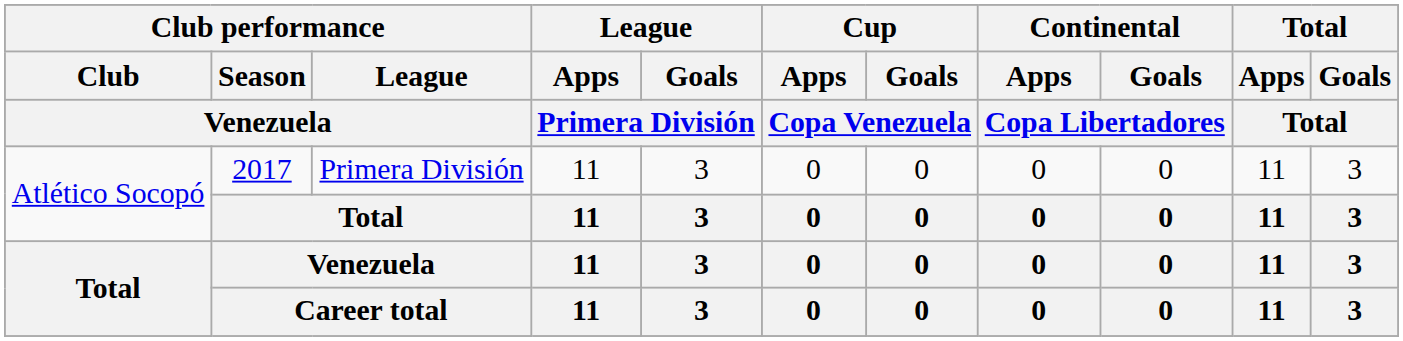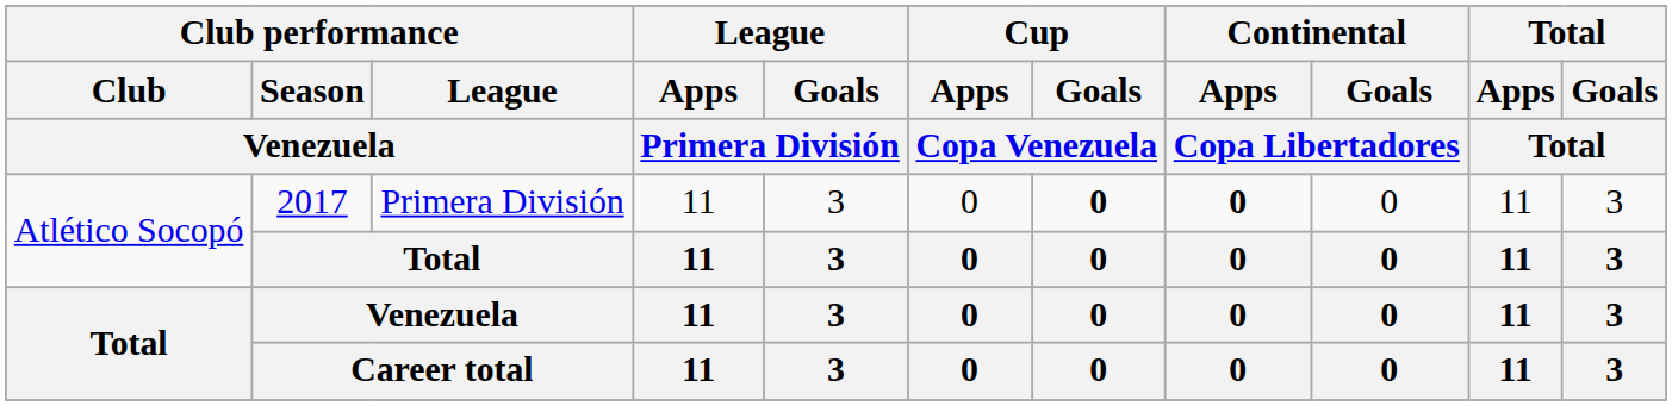 <table class="wikitable" style="text-align:center">
 <tr>
 <th colspan=3>Club performance</th>
 <th colspan=2>League</th>
 <th colspan=2>Cup</th>
 <th colspan=2>Continental</th>
 <th colspan=2>Total</th>
 </tr>
 <tr>
 <th>Club</th>
 <th>Season</th>
 <th>League</th>
 <th>Apps</th>
 <th>Goals</th>
 <th>Apps</th>
 <th>Goals</th>
 <th>Apps</th>
 <th>Goals</th>
 <th>Apps</th>
 <th>Goals</th>
 </tr>
 <tr>
 <th colspan=3>Venezuela</th>
 <th colspan=2><a href='#'>Primera División</a></th>
 <th colspan=2><a href='#'>Copa Venezuela</a></th>
 <th colspan=2><a href='#'>Copa Libertadores</a></th>
 <th colspan=2>Total</th>
 </tr>
 <tr>
 <td rowspan="2"><a href='#'>Atlético Socopó</a></td>
 <td><a href='#'>2017</a></td>
 <td><a href='#'>Primera División</a></td>
 <td>11</td>
 <td>3</td>
 <td>0</td>
-<td>0</td>
-<td>0</td>
+<td><strong>0</strong></td>
+<td><strong>0</strong></td>
 <td>0</td>
 <td>11</td>
 <td>3</td>
 </tr>
 <tr>
 <th colspan="2">Total</th>
 <th>11</th>
 <th>3</th>
 <th>0</th>
 <th>0</th>
 <th>0</th>
 <th>0</th>
 <th>11</th>
 <th>3</th>
 </tr>
 <tr>
 <th rowspan=2>Total</th>
 <th colspan=2>Venezuela</th>
 <th>11</th>
 <th>3</th>
 <th>0</th>
 <th>0</th>
 <th>0</th>
 <th>0</th>
 <th>11</th>
 <th>3</th>
 </tr>
 <tr>
 <th colspan=2>Career total</th>
 <th>11</th>
 <th>3</th>
 <th>0</th>
 <th>0</th>
 <th>0</th>
 <th>0</th>
 <th>11</th>
 <th>3</th>
 </tr>
 </table>
